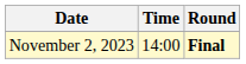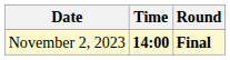 <table class="wikitable">
 <tr>
 <th>Date</th>
 <th>Time</th>
 <th>Round</th>
 </tr>
 <tr>
 </tr>
 <tr style=background:lemonchiffon>
 <td>November 2, 2023</td>
-<td>14:00</td>
+<td><strong>14:00</strong></td>
 <td><strong>Final</strong></td>
 </tr>
 </table>
